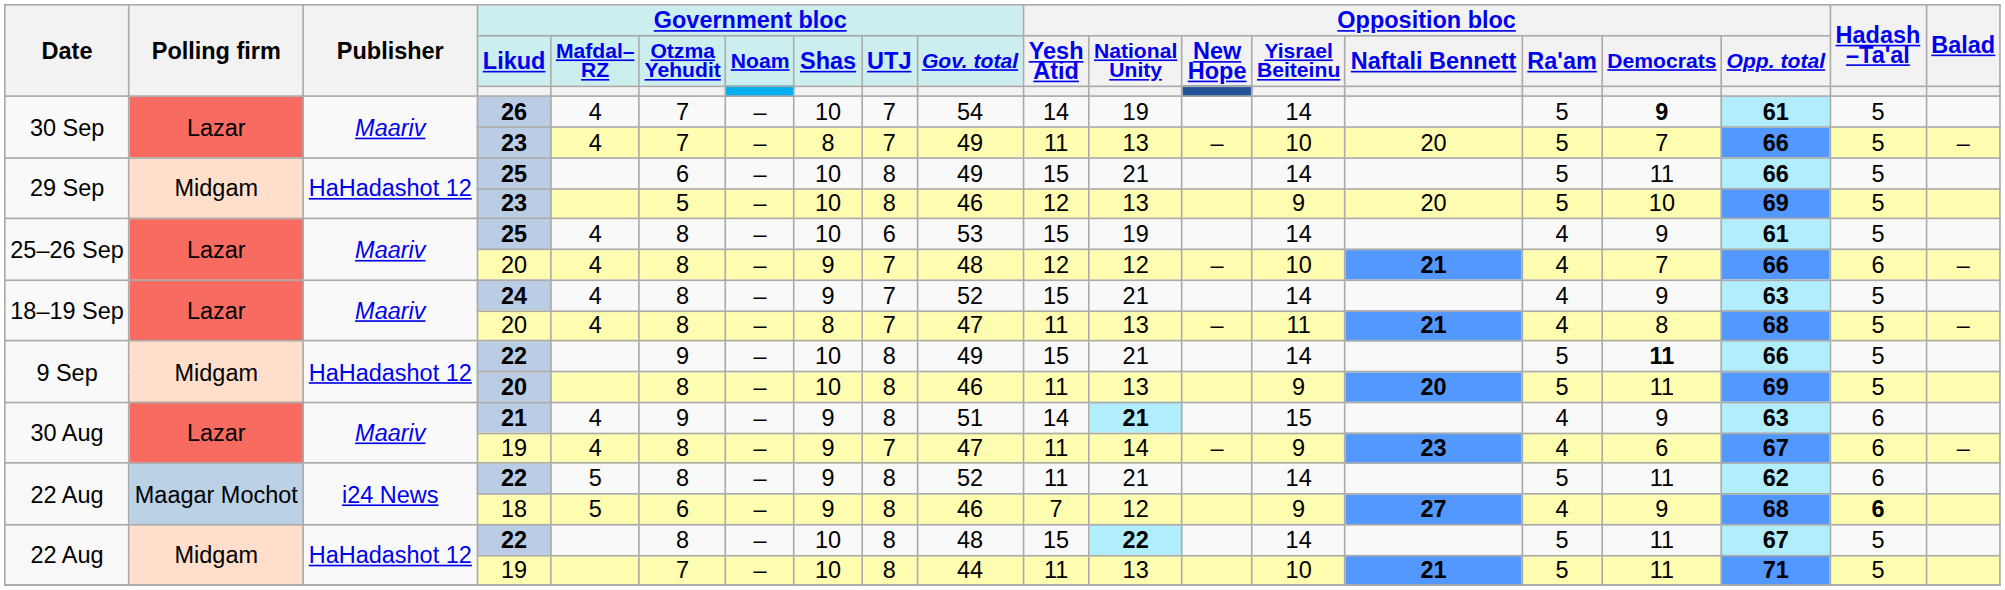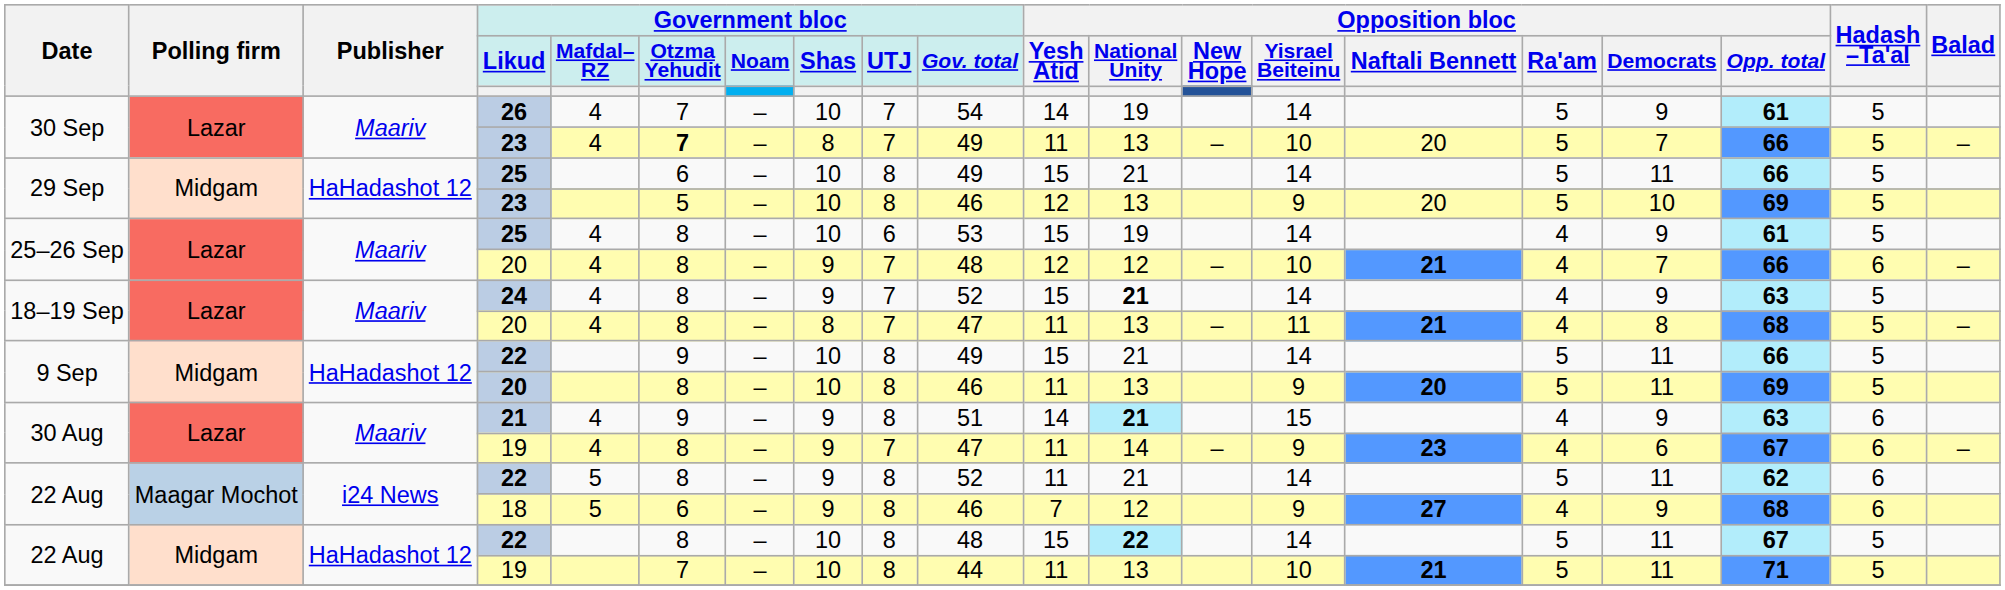 <table class="wikitable sortable" style=text-align:center;font-size:90%;line-height:12px>
 <tr>
 <th rowspan=3>Date</th>
 <th rowspan=3>Polling firm</th>
 <th rowspan=3>Publisher</th>
 <th colspan=7 style=background:#cee;><a href='#'>Government bloc</a></th>
 <th colspan=8><a href='#'>Opposition bloc</a></th>
 <th rowspan=2><a href='#'>Hadash<br>–Ta'al</a></th>
 <th rowspan=2><a href='#'>Balad</a></th>
 </tr>
 <tr>
 <th style=background:#cee><a href='#'>Likud</a></th>
 <th style=background:#cee;font-size:90%><a href='#'>Mafdal–<br>RZ</a></th>
 <th style=background:#cee;font-size:90%><a href='#'>Otzma<br>Yehudit</a></th>
 <th style=background:#cee;font-size:90%><a href='#'>Noam</a></th>
 <th style=background:#cee><a href='#'>Shas</a></th>
 <th style=background:#cee><a href='#'>UTJ</a></th>
 <th style=background:#cee;font-size:90%><a href='#'><em>Gov. total</em></a></th>
 <th><a href='#'>Yesh<br>Atid</a></th>
 <th style=font-size:90%><a href='#'>National<br>Unity</a></th>
 <th><a href='#'>New<br>Hope</a></th>
 <th style=font-size:90%><a href='#'>Yisrael<br>Beiteinu</a></th>
 <th><a href='#'>Naftali Bennett</a></th>
 <th><a href='#'>Ra'am</a></th>
 <th style=font-size:90%><a href='#'>Democrats</a></th>
 <th style=font-size:90%><a href='#'><em>Opp. total</em></a></th>
 </tr>
 <tr>
 <th style=background:></th>
 <th style=background:></th>
 <th style=background:></th>
 <th style=background:#01AFF0></th>
 <th style=background:></th>
 <th style=background:></th>
 <th style=background:></th>
 <th style=background:></th>
 <th style=background:></th>
 <th style=background:#235298></th>
 <th style=background:></th>
 <th style=background:></th>
 <th style=background:></th>
 <th style=background:></th>
 <th style=background:></th>
 <th style=background:></th>
 <th style=background:></th>
 </tr>
 <tr>
 <td rowspan=2 data-sort-value=2024-09-30>30 Sep</td>
 <td rowspan=2 style=background:#F86B61>Lazar</td>
 <td rowspan=2><em><a href='#'>Maariv</a></em></td>
 <td style=background:#BBCDE4><strong>26</strong>	</td>
 <td>4                	</td>
 <td>7				    </td>
 <td>–					</td>
 <td>10					</td>
 <td>7					</td>
 <td>54					</td>
 <td>14					</td>
 <td>19                 </td>
 <td>	</td>
 <td>14					</td>
 <td>			</td>
 <td>5					</td>
-<td><strong>9					</strong></td>
+<td>9					</td>
 <td style=background:#B2EDFB><strong>61</strong>	</td>
 <td>5					</td>
 <td>	</td>
 </tr>
 <tr style=background:#fffdb0>
 <td style=background:#BBCDE4><strong>23</strong></td>
 <td>4	                </td>
-<td>7					</td>
+<td><strong>7					</strong></td>
 <td>–					</td>
 <td>8					</td>
 <td>7					</td>
 <td>49					</td>
 <td>11					</td>
 <td>13					</td>
 <td>–	                </td>
 <td>10					</td>
 <td>20	                </td>
 <td>5					</td>
 <td>7		            </td>
 <td style=background:#5398ff><strong>66</strong></td>
 <td>5					</td>
 <td>–                  </td>
 </tr>
 <tr>
 <td rowspan=2 data-sort-value=2024-09-29>29 Sep</td>
 <td rowspan=2 style=background:#FFDFCC>Midgam</td>
 <td rowspan=2><a href='#'>HaHadashot 12</a></td>
 <td style=background:#BBCDE4><strong>25</strong> </td>
 <td>	</td>
 <td>6					</td>
 <td>–					</td>
 <td>10					</td>
 <td>8					</td>
 <td>49					</td>
 <td>15					</td>
 <td>21	                </td>
 <td>	</td>
 <td>14					</td>
 <td>			</td>
 <td>5					</td>
 <td>11		            </td>
 <td style=background:#B2EDFB><strong>66</strong>	</td>
 <td>5					</td>
 <td>	</td>
 </tr>
 <tr style=background:#fffdb0>
 <td style=background:#BBCDE4><strong>23</strong> </td>
 <td>	</td>
 <td>5					</td>
 <td>–					</td>
 <td>10					</td>
 <td>8					</td>
 <td>46					</td>
 <td>12					</td>
 <td>13					</td>
 <td>	</td>
 <td>9					</td>
 <td>20	                </td>
 <td>5					</td>
 <td>10		            </td>
 <td style=background:#5398ff><strong>69</strong></td>
 <td>5					</td>
 <td>   </td>
 </tr>
 <tr>
 <td rowspan=2 data-sort-value=2024-09-26>25–26 Sep</td>
 <td rowspan=2 style=background:#F86B61>Lazar</td>
 <td rowspan=2><em><a href='#'>Maariv</a></em></td>
 <td style=background:#BBCDE4><strong>25</strong>	</td>
 <td>4                	</td>
 <td>8				    </td>
 <td>–					</td>
 <td>10					</td>
 <td>6					</td>
 <td>53					</td>
 <td>15					</td>
 <td>19                 </td>
 <td>	</td>
 <td>14					</td>
 <td>			</td>
 <td>4					</td>
 <td>9					</td>
 <td style=background:#B2EDFB><strong>61</strong>	</td>
 <td>5					</td>
 <td>	</td>
 </tr>
 <tr style=background:#fffdb0>
 <td>20					</td>
 <td>4	                </td>
 <td>8					</td>
 <td>–					</td>
 <td>9					</td>
 <td>7					</td>
 <td>48					</td>
 <td>12					</td>
 <td>12					</td>
 <td>–	                </td>
 <td>10					</td>
 <td style=background:#5398ff><strong>21</strong>	</td>
 <td>4					</td>
 <td>7		            </td>
 <td style=background:#5398ff><strong>66</strong></td>
 <td>6					</td>
 <td>–                  </td>
 </tr>
 <tr>
 <td rowspan=2 data-sort-value=2024-09-18>18–19 Sep</td>
 <td rowspan=2 style=background:#F86B61>Lazar</td>
 <td rowspan=2><em><a href='#'>Maariv</a></em></td>
 <td style=background:#BBCDE4><strong>24</strong>	</td>
 <td>4                	</td>
 <td>8				    </td>
 <td>–					</td>
 <td>9					</td>
 <td>7					</td>
 <td>52					</td>
 <td>15					</td>
-<td>21	                </td>
+<td><strong>21	                </strong></td>
 <td>	</td>
 <td>14					</td>
 <td>			</td>
 <td>4					</td>
 <td>9					</td>
 <td style=background:#B2EDFB><strong>63</strong>	</td>
 <td>5					</td>
 <td>	</td>
 </tr>
 <tr style=background:#fffdb0>
 <td>20					</td>
 <td>4	                </td>
 <td>8					</td>
 <td>–					</td>
 <td>8					</td>
 <td>7					</td>
 <td>47					</td>
 <td>11					</td>
 <td>13					</td>
 <td>–	                </td>
 <td>11					</td>
 <td style=background:#5398ff><strong>21</strong>	</td>
 <td>4					</td>
 <td>8		            </td>
 <td style=background:#5398ff><strong>68</strong></td>
 <td>5					</td>
 <td>–                  </td>
 </tr>
 <tr>
 <td rowspan=2 data-sort-value=2024-09-09>9 Sep</td>
 <td rowspan=2 style=background:#FFDFCC>Midgam</td>
 <td rowspan=2><a href='#'>HaHadashot 12</a></td>
 <td style=background:#BBCDE4><strong>22</strong> </td>
 <td>	</td>
 <td>9					</td>
 <td>–					</td>
 <td>10					</td>
 <td>8					</td>
 <td>49					</td>
 <td>15					</td>
 <td>21	                </td>
 <td>	</td>
 <td>14					</td>
 <td>			</td>
 <td>5					</td>
-<td><strong>11		            </strong></td>
+<td>11		            </td>
 <td style=background:#B2EDFB><strong>66</strong>	</td>
 <td>5					</td>
 <td>	</td>
 </tr>
 <tr style=background:#fffdb0>
 <td style=background:#BBCDE4><strong>20</strong> </td>
 <td>	</td>
 <td>8					</td>
 <td>–					</td>
 <td>10					</td>
 <td>8					</td>
 <td>46					</td>
 <td>11					</td>
 <td>13					</td>
 <td>	</td>
 <td>9					</td>
 <td style=background:#5398ff><strong>20</strong>	</td>
 <td>5					</td>
 <td>11		            </td>
 <td style=background:#5398ff><strong>69</strong></td>
 <td>5					</td>
 <td>   </td>
 </tr>
 <tr>
 <td rowspan=2 data-sort-value=2024-08-30>30 Aug</td>
 <td rowspan=2 style=background:#F86B61>Lazar</td>
 <td rowspan=2><em><a href='#'>Maariv</a></em></td>
 <td style=background:#BBCDE4><strong>21</strong>	</td>
 <td>4                	</td>
 <td>9					</td>
 <td>–					</td>
 <td>9					</td>
 <td>8					</td>
 <td>51					</td>
 <td>14					</td>
 <td style=background:#B2EDFB><strong>21</strong></td>
 <td>	</td>
 <td>15					</td>
 <td>			</td>
 <td>4					</td>
 <td>9					</td>
 <td style=background:#B2EDFB><strong>63</strong>	</td>
 <td>6					</td>
 <td>	</td>
 </tr>
 <tr style=background:#fffdb0>
 <td>19					</td>
 <td>4	                </td>
 <td>8					</td>
 <td>–					</td>
 <td>9					</td>
 <td>7					</td>
 <td>47					</td>
 <td>11					</td>
 <td>14					</td>
 <td>–	                </td>
 <td>9					</td>
 <td style=background:#5398ff><strong>23</strong>	</td>
 <td>4					</td>
 <td>6		            </td>
 <td style=background:#5398ff><strong>67</strong></td>
 <td>6					</td>
 <td>–                  </td>
 </tr>
 <tr>
 <td rowspan=2 data-sort-value=2024-08-22>22 Aug</td>
 <td rowspan=2 style=background:#BAD1E6>Maagar Mochot</td>
 <td rowspan=2><a href='#'>i24 News</a></td>
 <td style=background:#BBCDE4><strong>22</strong> </td>
 <td>5	                </td>
 <td>8					</td>
 <td>–					</td>
 <td>9					</td>
 <td>8					</td>
 <td>52					</td>
 <td>11					</td>
 <td>21	                </td>
 <td>	</td>
 <td>14					</td>
 <td>			</td>
 <td>5					</td>
 <td>11		            </td>
 <td style=background:#B2EDFB><strong>62</strong></td>
 <td>6					</td>
 <td>	</td>
 </tr>
 <tr style=background:#fffdb0>
 <td>18					</td>
 <td>5	                </td>
 <td>6					</td>
 <td>–					</td>
 <td>9					</td>
 <td>8					</td>
 <td>46					</td>
 <td>7					</td>
 <td>12					</td>
 <td>	</td>
 <td>9					</td>
 <td style=background:#5398ff><strong>27</strong>	</td>
 <td>4					</td>
 <td>9		            </td>
 <td style=background:#5398ff><strong>68</strong></td>
-<td><strong>6					</strong></td>
+<td>6					</td>
 <td>   </td>
 </tr>
 <tr>
 <td rowspan=2 data-sort-value=2024-08-22>22 Aug</td>
 <td rowspan=2 style=background:#FFDFCC>Midgam</td>
 <td rowspan=2><a href='#'>HaHadashot 12</a></td>
 <td style=background:#BBCDE4><strong>22</strong> </td>
 <td>	</td>
 <td>8					</td>
 <td>–					</td>
 <td>10					</td>
 <td>8					</td>
 <td>48					</td>
 <td>15					</td>
 <td style=background:#B2EDFB><strong>22</strong>	</td>
 <td>	</td>
 <td>14					</td>
 <td>			</td>
 <td>5					</td>
 <td>11		            </td>
 <td style=background:#B2EDFB><strong>67</strong></td>
 <td>5					</td>
 <td>	</td>
 </tr>
 <tr style=background:#fffdb0>
 <td>19					</td>
 <td>	</td>
 <td>7					</td>
 <td>–					</td>
 <td>10					</td>
 <td>8					</td>
 <td>44					</td>
 <td>11					</td>
 <td>13					</td>
 <td>	</td>
 <td>10					</td>
 <td style=background:#5398ff><strong>21</strong>	</td>
 <td>5					</td>
 <td>11		            </td>
 <td style=background:#5398ff><strong>71</strong></td>
 <td>5					</td>
 <td>   </td>
 </tr>
 <tr>
 </tr>
 </table>
